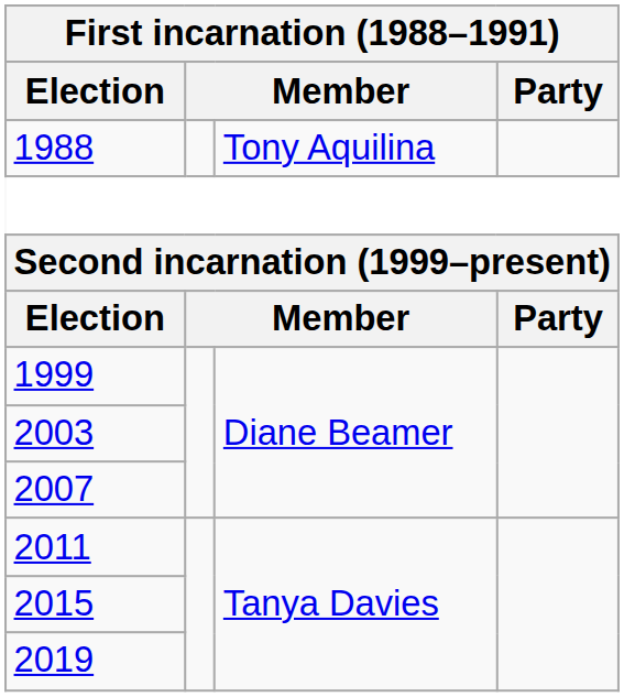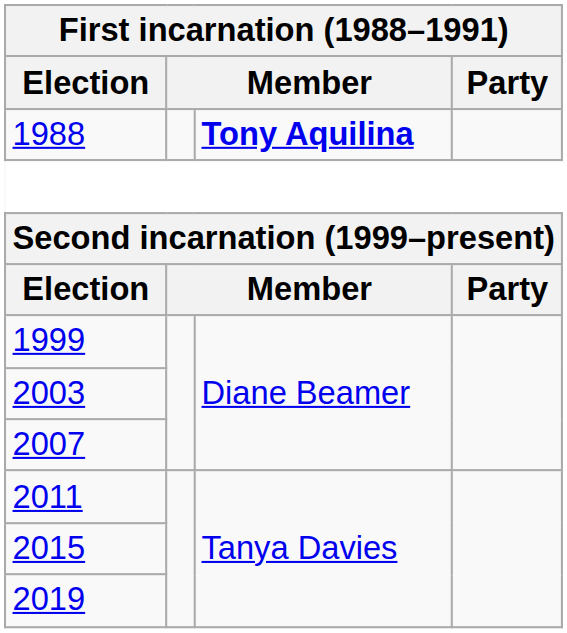 <table class="wikitable" style='border-style: none none none none;'>
 <tr>
 <th colspan="4">First incarnation (1988–1991)</th>
 </tr>
 <tr>
 <th>Election</th>
 <th colspan="2">Member</th>
 <th>Party</th>
 </tr>
 <tr style="background: #f9f9f9">
 <td><a href='#'>1988</a></td>
 <td> </td>
-<td><a href='#'>Tony Aquilina</a></td>
+<td><strong><a href='#'>Tony Aquilina</a></strong></td>
 <td></td>
 </tr>
 <tr>
 <td colspan="4" style='background: #FFFFFF; border-style: none none none none;'> </td>
 </tr>
 <tr>
 <th colspan="4">Second incarnation (1999–present)</th>
 </tr>
 <tr>
 <th>Election</th>
 <th colspan="2">Member</th>
 <th>Party</th>
 </tr>
 <tr style="background: #f9f9f9">
 <td><a href='#'>1999</a></td>
 <td rowspan="3" > </td>
 <td rowspan="3"><a href='#'>Diane Beamer</a></td>
 <td rowspan="3"></td>
 </tr>
 <tr style="background: #f9f9f9">
 <td><a href='#'>2003</a></td>
 </tr>
 <tr style="background: #f9f9f9">
 <td><a href='#'>2007</a></td>
 </tr>
 <tr style="background: #f9f9f9">
 <td><a href='#'>2011</a></td>
 <td rowspan="3" > </td>
 <td rowspan="3"><a href='#'>Tanya Davies</a></td>
 <td rowspan="3"></td>
 </tr>
 <tr style="background: #f9f9f9">
 <td><a href='#'>2015</a></td>
 </tr>
 <tr style="background: #f9f9f9">
 <td><a href='#'>2019</a></td>
 </tr>
 </table>
